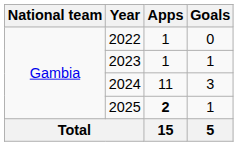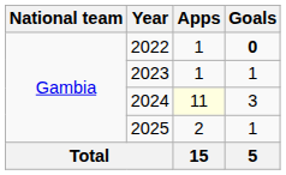 <table class="wikitable" style="text-align:center">
 <tr>
 <th>National team</th>
 <th>Year</th>
 <th>Apps</th>
 <th>Goals</th>
 </tr>
 <tr>
 <td rowspan="4"><a href='#'>Gambia</a></td>
 <td>2022</td>
 <td>1</td>
-<td>0</td>
+<td><strong>0</strong></td>
 </tr>
 <tr>
 <td>2023</td>
 <td>1</td>
 <td>1</td>
 </tr>
 <tr>
 <td>2024</td>
-<td>11</td>
+<td style="background: lightyellow;">11</td>
 <td>3</td>
 </tr>
 <tr>
 <td>2025</td>
-<td><strong>2</strong></td>
+<td>2</td>
 <td>1</td>
 </tr>
 <tr>
 <th colspan="2">Total</th>
 <th>15</th>
 <th>5</th>
 </tr>
 </table>
